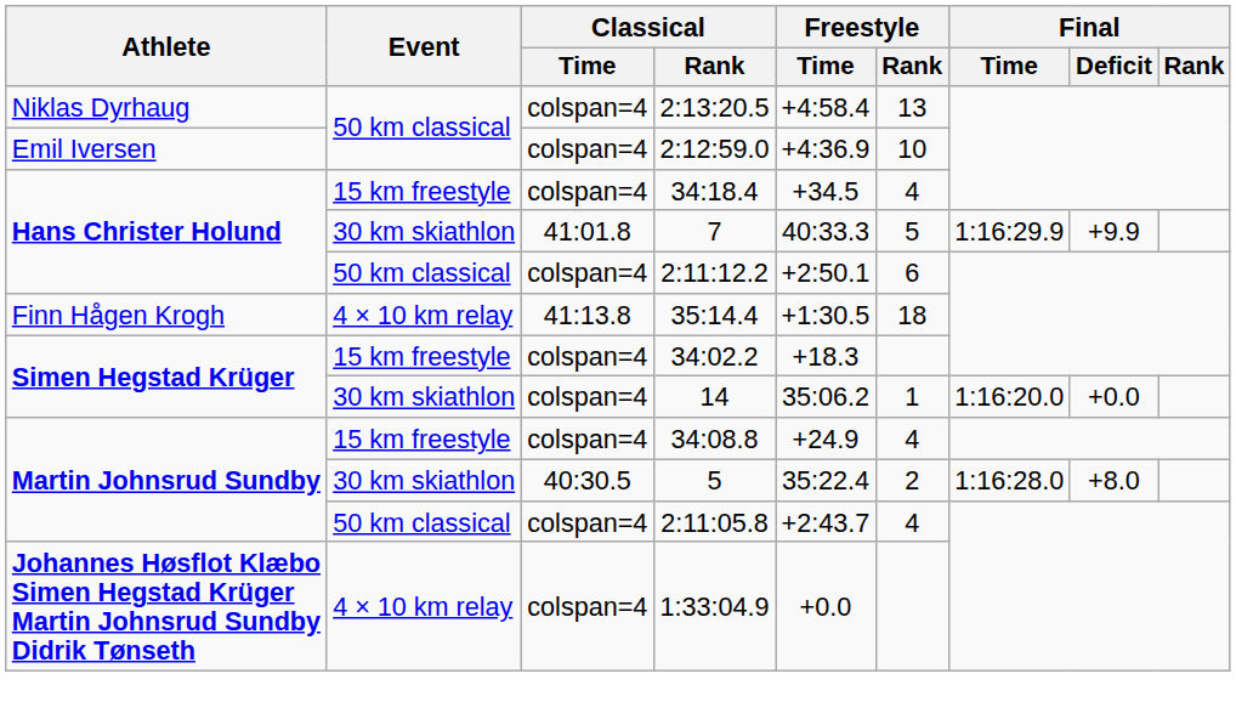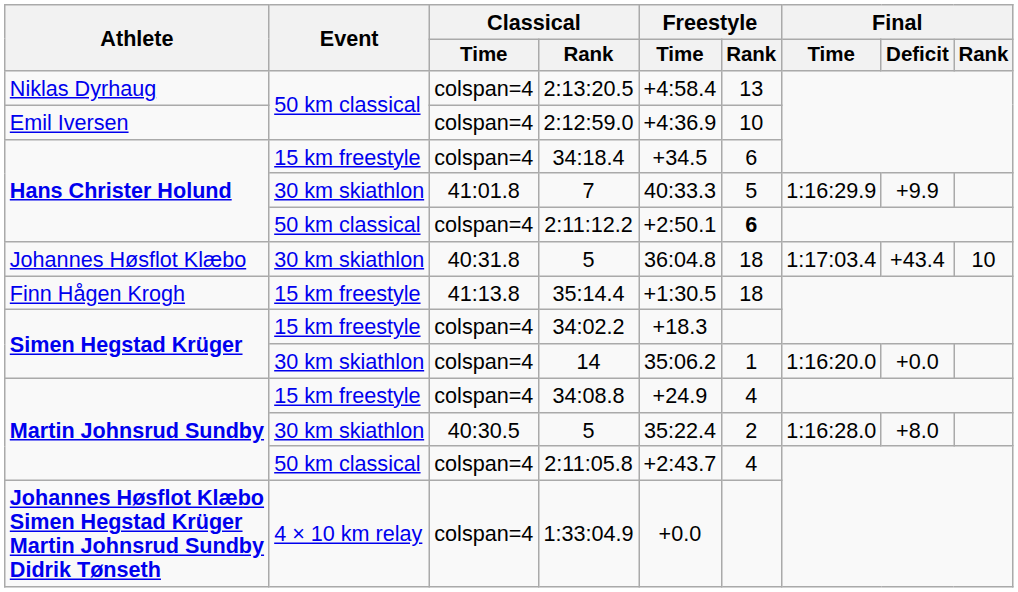 <table class="wikitable" style="font-size:90%">
 <tr>
 <th rowspan=2>Athlete</th>
 <th rowspan=2>Event</th>
 <th colspan=2>Classical</th>
 <th colspan=2>Freestyle</th>
 <th colspan=3>Final</th>
 </tr>
 <tr style="font-size: 95%">
 <th>Time</th>
 <th>Rank</th>
 <th>Time</th>
 <th>Rank</th>
 <th>Time</th>
 <th>Deficit</th>
 <th>Rank</th>
 </tr>
 <tr align=center>
 <td align=left><a href='#'>Niklas Dyrhaug</a></td>
 <td align=left rowspan=2><a href='#'>50 km classical</a></td>
 <td>colspan=4 </td>
 <td>2:13:20.5</td>
 <td>+4:58.4</td>
 <td>13</td>
 </tr>
 <tr align=center>
 <td align=left><a href='#'>Emil Iversen</a></td>
 <td>colspan=4 </td>
 <td>2:12:59.0</td>
 <td>+4:36.9</td>
 <td>10</td>
 </tr>
 <tr align=center>
 <td align=left rowspan=3><strong><a href='#'>Hans Christer Holund</a></strong></td>
 <td align=left><a href='#'>15 km freestyle</a></td>
 <td>colspan=4 </td>
 <td>34:18.4</td>
 <td>+34.5</td>
-<td>4</td>
+<td>6</td>
 </tr>
 <tr align=center>
 <td align=left><a href='#'>30 km skiathlon</a></td>
 <td>41:01.8</td>
 <td>7</td>
 <td>40:33.3</td>
 <td>5</td>
 <td>1:16:29.9</td>
 <td>+9.9</td>
 <td></td>
 </tr>
 <tr align=center>
 <td align=left><a href='#'>50 km classical</a></td>
 <td>colspan=4 </td>
 <td>2:11:12.2</td>
 <td>+2:50.1</td>
-<td>6</td>
+<td><strong>6</strong></td>
+</tr>
+<tr align=center>
+<td align=left 2><a href='#'>Johannes Høsflot Klæbo</a></td>
+<td align=left><a href='#'>30 km skiathlon</a></td>
+<td>40:31.8</td>
+<td>5</td>
+<td>36:04.8</td>
+<td>18</td>
+<td>1:17:03.4</td>
+<td>+43.4</td>
+<td>10</td>
 </tr>
 <tr align=center>
 <td align=left><a href='#'>Finn Hågen Krogh</a></td>
-<td align=left><a href='#'>4 × 10 km relay</a></td>
+<td align=left><a href='#'>15 km freestyle</a></td>
 <td>41:13.8</td>
 <td>35:14.4</td>
 <td>+1:30.5</td>
 <td>18</td>
 </tr>
 <tr align=center>
 <td align=left rowspan=2><strong><a href='#'>Simen Hegstad Krüger</a></strong></td>
 <td align=left><a href='#'>15 km freestyle</a></td>
 <td>colspan=4 </td>
 <td>34:02.2</td>
 <td>+18.3</td>
 <td></td>
 </tr>
 <tr align=center>
 <td align=left><a href='#'>30 km skiathlon</a></td>
 <td>colspan=4 </td>
 <td>14</td>
 <td>35:06.2</td>
 <td>1</td>
 <td>1:16:20.0</td>
 <td>+0.0</td>
 <td></td>
 </tr>
 <tr align=center>
 <td align=left rowspan=3><strong><a href='#'>Martin Johnsrud Sundby</a></strong></td>
 <td align=left><a href='#'>15 km freestyle</a></td>
 <td>colspan=4 </td>
 <td>34:08.8</td>
 <td>+24.9</td>
 <td>4</td>
 </tr>
 <tr align=center>
 <td align=left><a href='#'>30 km skiathlon</a></td>
 <td>40:30.5</td>
 <td>5</td>
 <td>35:22.4</td>
 <td>2</td>
 <td>1:16:28.0</td>
 <td>+8.0</td>
 <td></td>
 </tr>
 <tr align=center>
 <td align=left><a href='#'>50 km classical</a></td>
 <td>colspan=4 </td>
 <td>2:11:05.8</td>
 <td>+2:43.7</td>
 <td>4</td>
 </tr>
 <tr align=center>
 <td align=left><strong><a href='#'>Johannes Høsflot Klæbo</a><br><a href='#'>Simen Hegstad Krüger</a><br><a href='#'>Martin Johnsrud Sundby</a><br><a href='#'>Didrik Tønseth</a></strong></td>
 <td align=left><a href='#'>4 × 10 km relay</a></td>
 <td>colspan=4 </td>
 <td>1:33:04.9</td>
 <td>+0.0</td>
 <td></td>
 </tr>
 </table>
